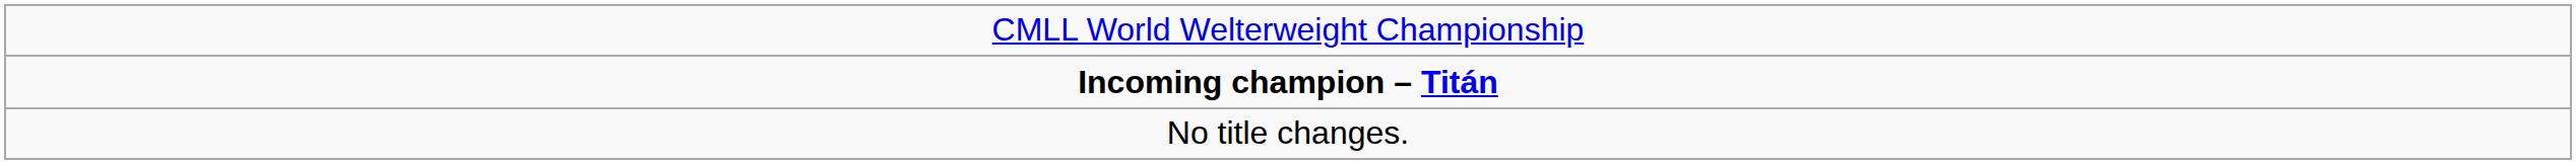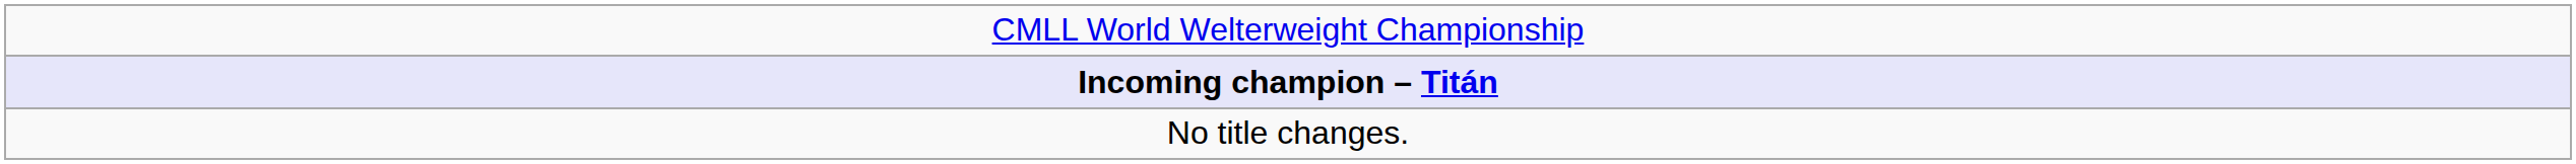 <table class="wikitable" style="text-align:center; width:100%;">
 <tr>
 <td style="text-align: center;"><a href='#'>CMLL World Welterweight Championship</a></td>
 </tr>
 <tr>
-<td style="text-align: center;"><strong>Incoming champion – <a href='#'>Titán</a></strong></td>
+<td style="background: lavender; text-align: center;"><strong>Incoming champion – <a href='#'>Titán</a></strong></td>
 </tr>
 <tr>
 <td>No title changes.</td>
 </tr>
 </table>
